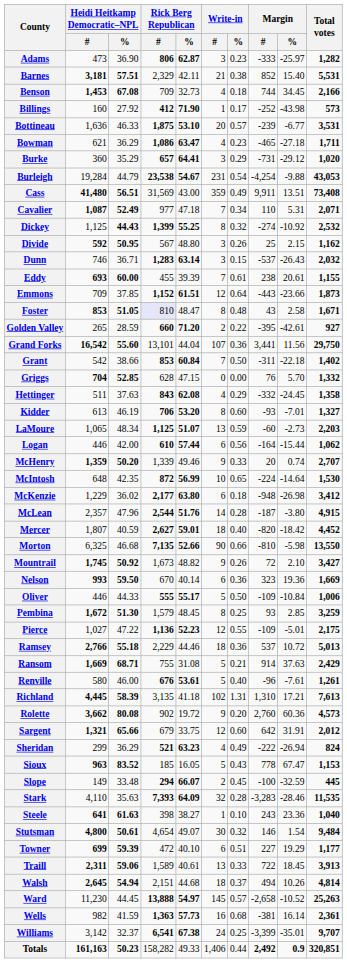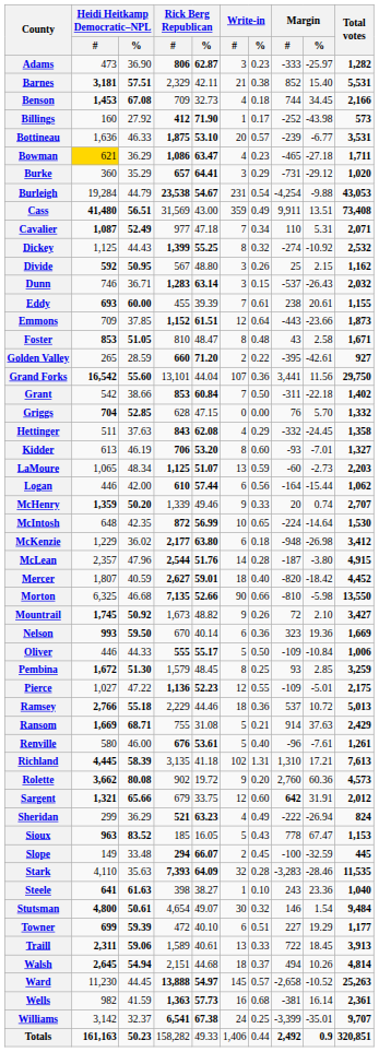 <table class="wikitable sortable" style="text-align:right;font-size:90%;line-height:1.3">
 <tr>
 <th rowspan="2">County</th>
 <th colspan="2"><a href='#'>Heidi Heitkamp</a><br><a href='#'>Democratic–NPL</a></th>
 <th colspan="2"><a href='#'>Rick Berg</a><br><a href='#'>Republican</a></th>
 <th colspan="2"><a href='#'>Write-in</a></th>
 <th colspan="2">Margin</th>
 <th rowspan="2">Total<br>votes</th>
 </tr>
 <tr>
 <th data-sort-type="number">#</th>
 <th data-sort-type="number">%</th>
 <th data-sort-type="number">#</th>
 <th data-sort-type="number">%</th>
 <th data-sort-type="number">#</th>
 <th data-sort-type="number">%</th>
 <th data-sort-type="number">#</th>
 <th data-sort-type="number">%</th>
 </tr>
 <tr>
 <th><a href='#'>Adams</a></th>
 <td>473</td>
 <td>36.90</td>
 <td><strong>806</strong></td>
 <td><strong>62.87</strong></td>
 <td>3</td>
 <td>0.23</td>
 <td>-333</td>
 <td>-25.97</td>
 <td><strong>1,282</strong></td>
 </tr>
 <tr>
 <th><a href='#'>Barnes</a></th>
 <td><strong>3,181</strong></td>
 <td><strong>57.51</strong></td>
 <td>2,329</td>
 <td>42.11</td>
 <td>21</td>
 <td>0.38</td>
 <td>852</td>
 <td>15.40</td>
 <td><strong>5,531</strong></td>
 </tr>
 <tr>
 <th><a href='#'>Benson</a></th>
 <td><strong>1,453</strong></td>
 <td><strong>67.08</strong></td>
 <td>709</td>
 <td>32.73</td>
 <td>4</td>
 <td>0.18</td>
 <td>744</td>
 <td>34.45</td>
 <td><strong>2,166</strong></td>
 </tr>
 <tr>
 <th><a href='#'>Billings</a></th>
 <td>160</td>
 <td>27.92</td>
 <td><strong>412</strong></td>
 <td><strong>71.90</strong></td>
 <td>1</td>
 <td>0.17</td>
 <td>-252</td>
 <td>-43.98</td>
 <td><strong>573</strong></td>
 </tr>
 <tr>
 <th><a href='#'>Bottineau</a></th>
 <td>1,636</td>
 <td>46.33</td>
 <td><strong>1,875</strong></td>
 <td><strong>53.10</strong></td>
 <td>20</td>
 <td>0.57</td>
 <td>-239</td>
 <td>-6.77</td>
 <td><strong>3,531</strong></td>
 </tr>
 <tr>
 <th><a href='#'>Bowman</a></th>
-<td>621</td>
+<td style="background: gold;">621</td>
 <td>36.29</td>
 <td><strong>1,086</strong></td>
 <td><strong>63.47</strong></td>
 <td>4</td>
 <td>0.23</td>
 <td>-465</td>
 <td>-27.18</td>
 <td><strong>1,711</strong></td>
 </tr>
 <tr>
 <th><a href='#'>Burke</a></th>
 <td>360</td>
 <td>35.29</td>
 <td><strong>657</strong></td>
 <td><strong>64.41</strong></td>
 <td>3</td>
 <td>0.29</td>
 <td>-731</td>
 <td>-29.12</td>
 <td><strong>1,020</strong></td>
 </tr>
 <tr>
 <th><a href='#'>Burleigh</a></th>
 <td>19,284</td>
 <td>44.79</td>
 <td><strong>23,538</strong></td>
 <td><strong>54.67</strong></td>
 <td>231</td>
 <td>0.54</td>
 <td>-4,254</td>
 <td>-9.88</td>
 <td><strong>43,053</strong></td>
 </tr>
 <tr>
 <th><a href='#'>Cass</a></th>
 <td><strong>41,480</strong></td>
 <td><strong>56.51</strong></td>
 <td>31,569</td>
 <td>43.00</td>
 <td>359</td>
 <td>0.49</td>
 <td>9,911</td>
 <td>13.51</td>
 <td><strong>73,408</strong></td>
 </tr>
 <tr>
 <th><a href='#'>Cavalier</a></th>
 <td><strong>1,087</strong></td>
 <td><strong>52.49</strong></td>
 <td>977</td>
 <td>47.18</td>
 <td>7</td>
 <td>0.34</td>
 <td>110</td>
 <td>5.31</td>
 <td><strong>2,071</strong></td>
 </tr>
 <tr>
 <th><a href='#'>Dickey</a></th>
 <td>1,125</td>
-<td><strong>44.43</strong></td>
+<td>44.43</td>
 <td><strong>1,399</strong></td>
 <td><strong>55.25</strong></td>
 <td>8</td>
 <td>0.32</td>
 <td>-274</td>
 <td>-10.92</td>
 <td><strong>2,532</strong></td>
 </tr>
 <tr>
 <th><a href='#'>Divide</a></th>
 <td><strong>592</strong></td>
 <td><strong>50.95</strong></td>
 <td>567</td>
 <td>48.80</td>
 <td>3</td>
 <td>0.26</td>
 <td>25</td>
 <td>2.15</td>
 <td><strong>1,162</strong></td>
 </tr>
 <tr>
 <th><a href='#'>Dunn</a></th>
 <td>746</td>
 <td>36.71</td>
 <td><strong>1,283</strong></td>
 <td><strong>63.14</strong></td>
 <td>3</td>
 <td>0.15</td>
 <td>-537</td>
 <td>-26.43</td>
 <td><strong>2,032</strong></td>
 </tr>
 <tr>
 <th><a href='#'>Eddy</a></th>
 <td><strong>693</strong></td>
 <td><strong>60.00</strong></td>
 <td>455</td>
 <td>39.39</td>
 <td>7</td>
 <td>0.61</td>
 <td>238</td>
 <td>20.61</td>
 <td><strong>1,155</strong></td>
 </tr>
 <tr>
 <th><a href='#'>Emmons</a></th>
 <td>709</td>
 <td>37.85</td>
 <td><strong>1,152</strong></td>
 <td><strong>61.51</strong></td>
 <td>12</td>
 <td>0.64</td>
 <td>-443</td>
 <td>-23.66</td>
 <td><strong>1,873</strong></td>
 </tr>
 <tr>
 <th><a href='#'>Foster</a></th>
 <td><strong>853</strong></td>
 <td><strong>51.05</strong></td>
-<td style="background: lavender;">810</td>
+<td>810</td>
 <td>48.47</td>
 <td>8</td>
 <td>0.48</td>
 <td>43</td>
 <td>2.58</td>
 <td><strong>1,671</strong></td>
 </tr>
 <tr>
 <th><a href='#'>Golden Valley</a></th>
 <td>265</td>
 <td>28.59</td>
 <td><strong>660</strong></td>
 <td><strong>71.20</strong></td>
 <td>2</td>
 <td>0.22</td>
 <td>-395</td>
 <td>-42.61</td>
 <td><strong>927</strong></td>
 </tr>
 <tr>
 <th><a href='#'>Grand Forks</a></th>
 <td><strong>16,542</strong></td>
 <td><strong>55.60</strong></td>
 <td>13,101</td>
 <td>44.04</td>
 <td>107</td>
 <td>0.36</td>
 <td>3,441</td>
 <td>11.56</td>
 <td><strong>29,750</strong></td>
 </tr>
 <tr>
 <th><a href='#'>Grant</a></th>
 <td>542</td>
 <td>38.66</td>
 <td><strong>853</strong></td>
 <td><strong>60.84</strong></td>
 <td>7</td>
 <td>0.50</td>
 <td>-311</td>
 <td>-22.18</td>
 <td><strong>1,402</strong></td>
 </tr>
 <tr>
 <th><a href='#'>Griggs</a></th>
 <td><strong>704</strong></td>
 <td><strong>52.85</strong></td>
 <td>628</td>
 <td>47.15</td>
 <td>0</td>
 <td>0.00</td>
 <td>76</td>
 <td>5.70</td>
 <td><strong>1,332</strong></td>
 </tr>
 <tr>
 <th><a href='#'>Hettinger</a></th>
 <td>511</td>
 <td>37.63</td>
 <td><strong>843</strong></td>
 <td><strong>62.08</strong></td>
 <td>4</td>
 <td>0.29</td>
 <td>-332</td>
 <td>-24.45</td>
 <td><strong>1,358</strong></td>
 </tr>
 <tr>
 <th><a href='#'>Kidder</a></th>
 <td>613</td>
 <td>46.19</td>
 <td><strong>706</strong></td>
 <td><strong>53.20</strong></td>
 <td>8</td>
 <td>0.60</td>
 <td>-93</td>
 <td>-7.01</td>
 <td><strong>1,327</strong></td>
 </tr>
 <tr>
 <th><a href='#'>LaMoure</a></th>
 <td>1,065</td>
 <td>48.34</td>
 <td><strong>1,125</strong></td>
 <td><strong>51.07</strong></td>
 <td>13</td>
 <td>0.59</td>
 <td>-60</td>
 <td>-2.73</td>
 <td><strong>2,203</strong></td>
 </tr>
 <tr>
 <th><a href='#'>Logan</a></th>
 <td>446</td>
 <td>42.00</td>
 <td><strong>610</strong></td>
 <td><strong>57.44</strong></td>
 <td>6</td>
 <td>0.56</td>
 <td>-164</td>
 <td>-15.44</td>
 <td><strong>1,062</strong></td>
 </tr>
 <tr>
 <th><a href='#'>McHenry</a></th>
 <td><strong>1,359</strong></td>
 <td><strong>50.20</strong></td>
 <td>1,339</td>
 <td>49.46</td>
 <td>9</td>
 <td>0.33</td>
 <td>20</td>
 <td>0.74</td>
 <td><strong>2,707</strong></td>
 </tr>
 <tr>
 <th><a href='#'>McIntosh</a></th>
 <td>648</td>
 <td>42.35</td>
 <td><strong>872</strong></td>
 <td><strong>56.99</strong></td>
 <td>10</td>
 <td>0.65</td>
 <td>-224</td>
 <td>-14.64</td>
 <td><strong>1,530</strong></td>
 </tr>
 <tr>
 <th><a href='#'>McKenzie</a></th>
 <td>1,229</td>
 <td>36.02</td>
 <td><strong>2,177</strong></td>
 <td><strong>63.80</strong></td>
 <td>6</td>
 <td>0.18</td>
 <td>-948</td>
 <td>-26.98</td>
 <td><strong>3,412</strong></td>
 </tr>
 <tr>
 <th><a href='#'>McLean</a></th>
 <td>2,357</td>
 <td>47.96</td>
 <td><strong>2,544</strong></td>
 <td><strong>51.76</strong></td>
 <td>14</td>
 <td>0.28</td>
 <td>-187</td>
 <td>-3.80</td>
 <td><strong>4,915</strong></td>
 </tr>
 <tr>
 <th><a href='#'>Mercer</a></th>
 <td>1,807</td>
 <td>40.59</td>
 <td><strong>2,627</strong></td>
 <td><strong>59.01</strong></td>
 <td>18</td>
 <td>0.40</td>
 <td>-820</td>
 <td>-18.42</td>
 <td><strong>4,452</strong></td>
 </tr>
 <tr>
 <th><a href='#'>Morton</a></th>
 <td>6,325</td>
 <td>46.68</td>
 <td><strong>7,135</strong></td>
 <td><strong>52.66</strong></td>
 <td>90</td>
 <td>0.66</td>
 <td>-810</td>
 <td>-5.98</td>
 <td><strong>13,550</strong></td>
 </tr>
 <tr>
 <th><a href='#'>Mountrail</a></th>
 <td><strong>1,745</strong></td>
 <td><strong>50.92</strong></td>
 <td>1,673</td>
 <td>48.82</td>
 <td>9</td>
 <td>0.26</td>
 <td>72</td>
 <td>2.10</td>
 <td><strong>3,427</strong></td>
 </tr>
 <tr>
 <th><a href='#'>Nelson</a></th>
 <td><strong>993</strong></td>
 <td><strong>59.50</strong></td>
 <td>670</td>
 <td>40.14</td>
 <td>6</td>
 <td>0.36</td>
 <td>323</td>
 <td>19.36</td>
 <td><strong>1,669</strong></td>
 </tr>
 <tr>
 <th><a href='#'>Oliver</a></th>
 <td>446</td>
 <td>44.33</td>
 <td><strong>555</strong></td>
 <td><strong>55.17</strong></td>
 <td>5</td>
 <td>0.50</td>
 <td>-109</td>
 <td>-10.84</td>
 <td><strong>1,006</strong></td>
 </tr>
 <tr>
 <th><a href='#'>Pembina</a></th>
 <td><strong>1,672</strong></td>
 <td><strong>51.30</strong></td>
 <td>1,579</td>
 <td>48.45</td>
 <td>8</td>
 <td>0.25</td>
 <td>93</td>
 <td>2.85</td>
 <td><strong>3,259</strong></td>
 </tr>
 <tr>
 <th><a href='#'>Pierce</a></th>
 <td>1,027</td>
 <td>47.22</td>
 <td><strong>1,136</strong></td>
 <td><strong>52.23</strong></td>
 <td>12</td>
 <td>0.55</td>
 <td>-109</td>
 <td>-5.01</td>
 <td><strong>2,175</strong></td>
 </tr>
 <tr>
 <th><a href='#'>Ramsey</a></th>
 <td><strong>2,766</strong></td>
 <td><strong>55.18</strong></td>
 <td>2,229</td>
 <td>44.46</td>
 <td>18</td>
 <td>0.36</td>
 <td>537</td>
 <td>10.72</td>
 <td><strong>5,013</strong></td>
 </tr>
 <tr>
 <th><a href='#'>Ransom</a></th>
 <td><strong>1,669</strong></td>
 <td><strong>68.71</strong></td>
 <td>755</td>
 <td>31.08</td>
 <td>5</td>
 <td>0.21</td>
 <td>914</td>
 <td>37.63</td>
 <td><strong>2,429</strong></td>
 </tr>
 <tr>
 <th><a href='#'>Renville</a></th>
 <td>580</td>
 <td>46.00</td>
 <td><strong>676</strong></td>
 <td><strong>53.61</strong></td>
 <td>5</td>
 <td>0.40</td>
 <td>-96</td>
 <td>-7.61</td>
 <td><strong>1,261</strong></td>
 </tr>
 <tr>
 <th><a href='#'>Richland</a></th>
 <td><strong>4,445</strong></td>
 <td><strong>58.39</strong></td>
 <td>3,135</td>
 <td>41.18</td>
 <td>102</td>
 <td>1.31</td>
 <td>1,310</td>
 <td>17.21</td>
 <td><strong>7,613</strong></td>
 </tr>
 <tr>
 <th><a href='#'>Rolette</a></th>
 <td><strong>3,662</strong></td>
 <td><strong>80.08</strong></td>
 <td>902</td>
 <td>19.72</td>
 <td>9</td>
 <td>0.20</td>
 <td>2,760</td>
 <td>60.36</td>
 <td><strong>4,573</strong></td>
 </tr>
 <tr>
 <th><a href='#'>Sargent</a></th>
 <td><strong>1,321</strong></td>
 <td><strong>65.66</strong></td>
 <td>679</td>
 <td>33.75</td>
 <td>12</td>
 <td>0.60</td>
-<td>642</td>
+<td><strong>642</strong></td>
 <td>31.91</td>
 <td><strong>2,012</strong></td>
 </tr>
 <tr>
 <th><a href='#'>Sheridan</a></th>
 <td>299</td>
 <td>36.29</td>
 <td><strong>521</strong></td>
 <td><strong>63.23</strong></td>
 <td>4</td>
 <td>0.49</td>
 <td>-222</td>
 <td>-26.94</td>
 <td><strong>824</strong></td>
 </tr>
 <tr>
 <th><a href='#'>Sioux</a></th>
 <td><strong>963</strong></td>
 <td><strong>83.52</strong></td>
 <td>185</td>
 <td>16.05</td>
 <td>5</td>
 <td>0.43</td>
 <td>778</td>
 <td>67.47</td>
 <td><strong>1,153</strong></td>
 </tr>
 <tr>
 <th><a href='#'>Slope</a></th>
 <td>149</td>
 <td>33.48</td>
 <td><strong>294</strong></td>
 <td><strong>66.07</strong></td>
 <td>2</td>
 <td>0.45</td>
 <td>-100</td>
 <td>-32.59</td>
 <td><strong>445</strong></td>
 </tr>
 <tr>
 <th><a href='#'>Stark</a></th>
 <td>4,110</td>
 <td>35.63</td>
 <td><strong>7,393</strong></td>
 <td><strong>64.09</strong></td>
 <td>32</td>
 <td>0.28</td>
 <td>-3,283</td>
 <td>-28.46</td>
 <td><strong>11,535</strong></td>
 </tr>
 <tr>
 <th><a href='#'>Steele</a></th>
 <td><strong>641</strong></td>
 <td><strong>61.63</strong></td>
 <td>398</td>
 <td>38.27</td>
 <td>1</td>
 <td>0.10</td>
 <td>243</td>
 <td>23.36</td>
 <td><strong>1,040</strong></td>
 </tr>
 <tr>
 <th><a href='#'>Stutsman</a></th>
 <td><strong>4,800</strong></td>
 <td><strong>50.61</strong></td>
 <td>4,654</td>
 <td>49.07</td>
 <td>30</td>
 <td>0.32</td>
 <td>146</td>
 <td>1.54</td>
 <td><strong>9,484</strong></td>
 </tr>
 <tr>
 <th><a href='#'>Towner</a></th>
 <td><strong>699</strong></td>
 <td><strong>59.39</strong></td>
 <td>472</td>
 <td>40.10</td>
 <td>6</td>
 <td>0.51</td>
 <td>227</td>
 <td>19.29</td>
 <td><strong>1,177</strong></td>
 </tr>
 <tr>
 <th><a href='#'>Traill</a></th>
 <td><strong>2,311</strong></td>
 <td><strong>59.06</strong></td>
 <td>1,589</td>
 <td>40.61</td>
 <td>13</td>
 <td>0.33</td>
 <td>722</td>
 <td>18.45</td>
 <td><strong>3,913</strong></td>
 </tr>
 <tr>
 <th><a href='#'>Walsh</a></th>
 <td><strong>2,645</strong></td>
 <td><strong>54.94</strong></td>
 <td>2,151</td>
 <td>44.68</td>
 <td>18</td>
 <td>0.37</td>
 <td>494</td>
 <td>10.26</td>
 <td><strong>4,814</strong></td>
 </tr>
 <tr>
 <th><a href='#'>Ward</a></th>
 <td>11,230</td>
 <td>44.45</td>
 <td><strong>13,888</strong></td>
 <td><strong>54.97</strong></td>
 <td>145</td>
 <td>0.57</td>
 <td>-2,658</td>
 <td>-10.52</td>
 <td><strong>25,263</strong></td>
 </tr>
 <tr>
 <th><a href='#'>Wells</a></th>
 <td>982</td>
 <td>41.59</td>
 <td><strong>1,363</strong></td>
 <td><strong>57.73</strong></td>
 <td>16</td>
 <td>0.68</td>
 <td>-381</td>
 <td>16.14</td>
 <td><strong>2,361</strong></td>
 </tr>
 <tr>
 <th><a href='#'>Williams</a></th>
 <td>3,142</td>
 <td>32.37</td>
 <td><strong>6,541</strong></td>
 <td><strong>67.38</strong></td>
 <td>24</td>
 <td>0.25</td>
 <td>-3,399</td>
 <td>-35.01</td>
 <td><strong>9,707</strong></td>
 </tr>
 <tr class="sortbottom">
 <th>Totals</th>
 <td><strong>161,163</strong></td>
 <td><strong>50.23</strong></td>
 <td>158,282</td>
 <td>49.33</td>
 <td>1,406</td>
 <td>0.44</td>
 <td><strong>2,492</strong></td>
 <td><strong>0.9</strong></td>
 <td><strong>320,851</strong></td>
 </tr>
 </table>
